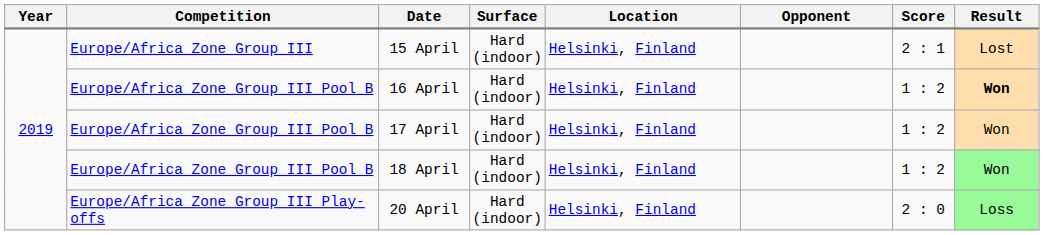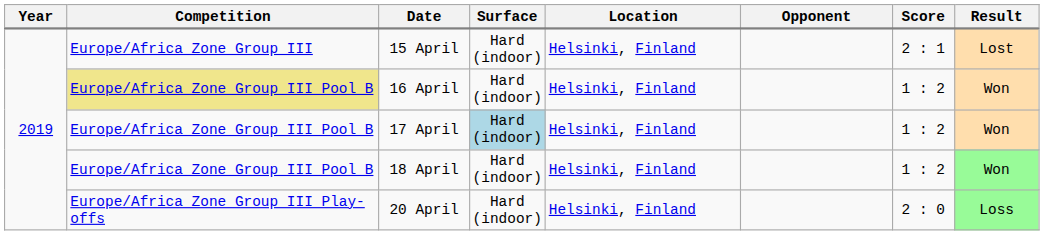 <table class="wikitable">
 <tr>
 <th width="50">Year</th>
 <th width="275">Competition</th>
 <th width="75">Date</th>
 <th width="60">Surface</th>
 <th width="170">Location</th>
 <th width="130">Opponent</th>
 <th width="50">Score</th>
 <th width="70">Result</th>
 </tr>
 <tr style="border-top:2px solid gray;">
 <td rowspan="5" align="center"><a href='#'>2019</a></td>
 <td><a href='#'>Europe/Africa Zone Group III</a></td>
 <td align="center">15 April</td>
 <td align="center">Hard (indoor)</td>
 <td><a href='#'>Helsinki</a>, <a href='#'>Finland</a></td>
 <td></td>
 <td align="center">2 : 1</td>
 <td align="center" bgcolor="#FFDEAD">Lost</td>
 </tr>
 <tr>
-<td><a href='#'>Europe/Africa Zone Group III Pool B</a></td>
+<td style="background: khaki;"><a href='#'>Europe/Africa Zone Group III Pool B</a></td>
 <td align="center">16 April</td>
 <td align="center">Hard (indoor)</td>
 <td><a href='#'>Helsinki</a>, <a href='#'>Finland</a></td>
 <td></td>
 <td align="center">1 : 2</td>
-<td align="center" bgcolor="#FFDEAD"><strong>Won</strong></td>
+<td align="center" bgcolor="#FFDEAD">Won</td>
 </tr>
 <tr>
 <td><a href='#'>Europe/Africa Zone Group III Pool B</a></td>
 <td align="center">17 April</td>
-<td align="center">Hard (indoor)</td>
+<td align="center" style="background: lightblue;">Hard (indoor)</td>
 <td><a href='#'>Helsinki</a>, <a href='#'>Finland</a></td>
 <td></td>
 <td align="center">1 : 2</td>
 <td align="center" bgcolor="#FFDEAD">Won</td>
 </tr>
 <tr>
 <td><a href='#'>Europe/Africa Zone Group III Pool B</a></td>
 <td align="center">18 April</td>
 <td align="center">Hard (indoor)</td>
 <td><a href='#'>Helsinki</a>, <a href='#'>Finland</a></td>
 <td></td>
 <td align="center">1 : 2</td>
 <td align="center" bgcolor="#98FB98">Won</td>
 </tr>
 <tr>
 <td><a href='#'>Europe/Africa Zone Group III Play-offs</a></td>
 <td align="center">20 April</td>
 <td align="center">Hard (indoor)</td>
 <td><a href='#'>Helsinki</a>, <a href='#'>Finland</a></td>
 <td></td>
 <td align="center">2 : 0</td>
 <td align="center" bgcolor="#98FB98">Loss</td>
 </tr>
 </table>
